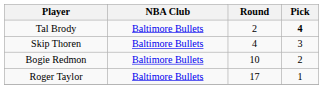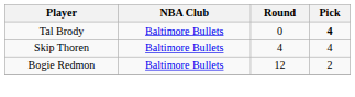 <table class="wikitable" width="500">
 <tr>
 <th>Player</th>
 <th>NBA Club</th>
 <th>Round</th>
 <th>Pick</th>
 </tr>
 <tr align="center" bgcolor="">
 <td>Tal Brody</td>
 <td><a href='#'>Baltimore Bullets</a></td>
-<td>2</td>
+<td>0</td>
 <td><strong>4</strong></td>
 </tr>
 <tr align="center" bgcolor="">
 <td>Skip Thoren</td>
 <td><a href='#'>Baltimore Bullets</a></td>
 <td>4</td>
-<td>3</td>
+<td>4</td>
 </tr>
 <tr align="center" bgcolor="">
 <td>Bogie Redmon</td>
 <td><a href='#'>Baltimore Bullets</a></td>
-<td>10</td>
+<td>12</td>
 <td>2</td>
-</tr>
-<tr align="center" bgcolor="">
-<td>Roger Taylor</td>
-<td><a href='#'>Baltimore Bullets</a></td>
-<td>17</td>
-<td>1</td>
 </tr>
 <tr align="center" bgcolor="">
 </tr>
 </table>
